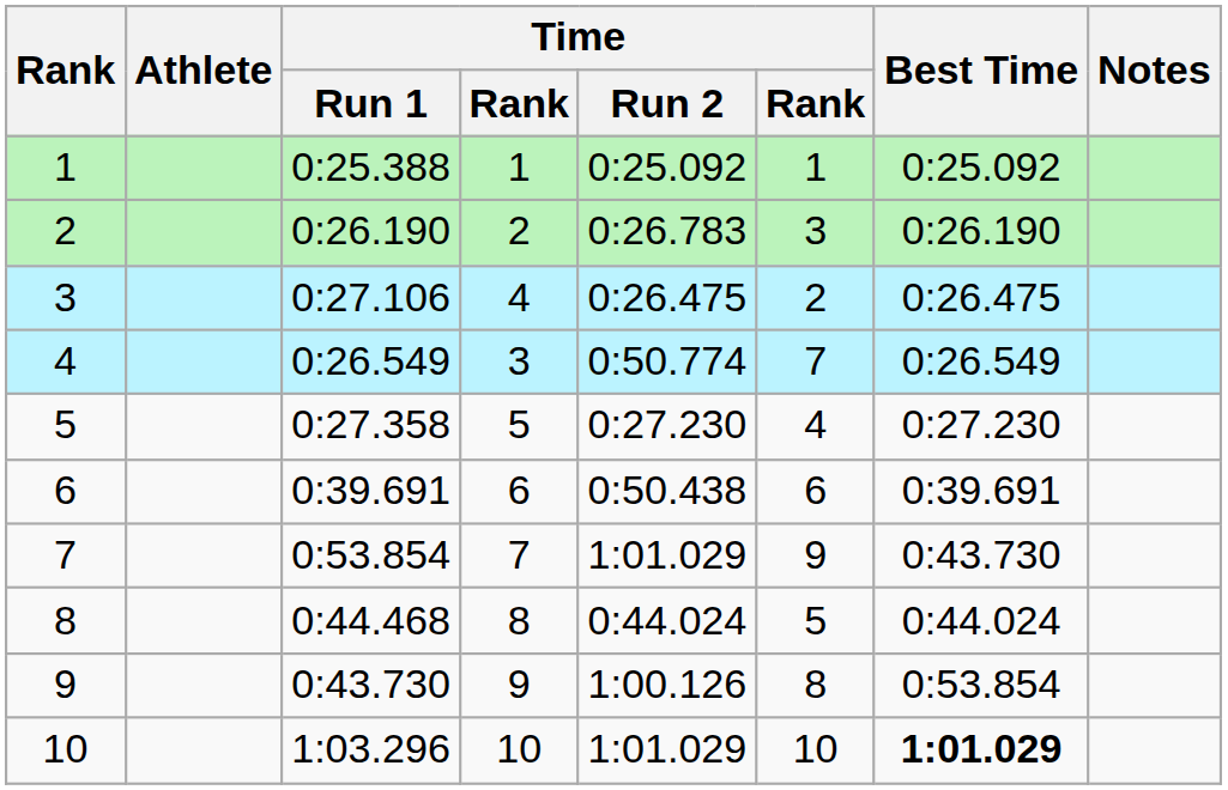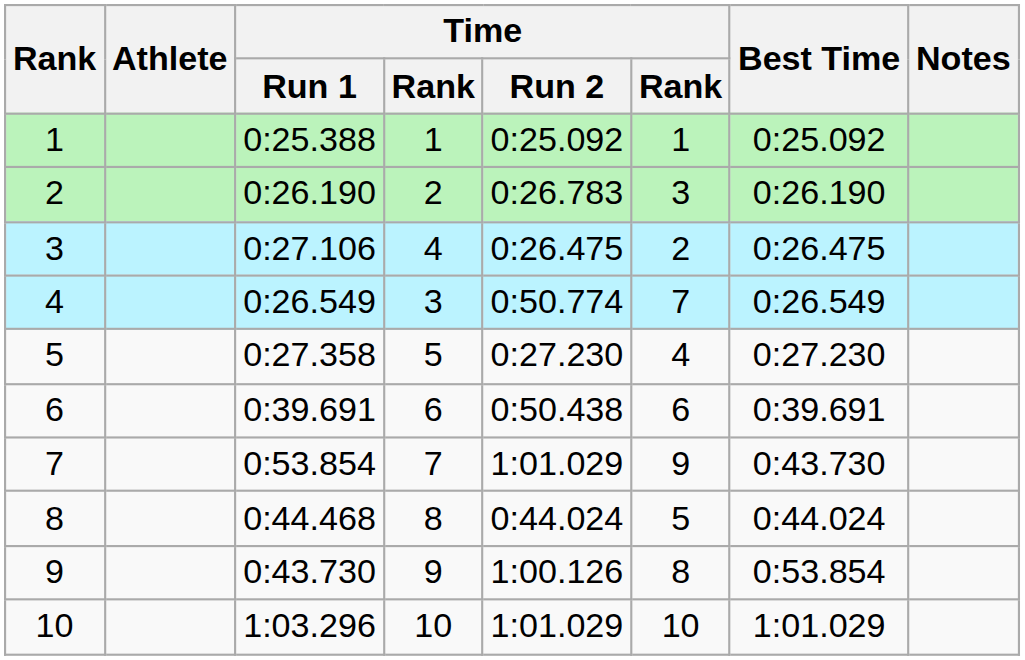 <table class="wikitable sortable" style="text-align:center">
 <tr>
 <th rowspan="2">Rank</th>
 <th rowspan="2">Athlete</th>
 <th colspan="4">Time</th>
 <th rowspan="2">Best Time</th>
 <th rowspan="2">Notes</th>
 </tr>
 <tr>
 <th>Run 1</th>
 <th>Rank</th>
 <th>Run 2</th>
 <th>Rank</th>
 </tr>
 <tr bgcolor=bbf3bb>
 <td>1</td>
 <td align="left"></td>
 <td>0:25.388</td>
 <td>1</td>
 <td>0:25.092</td>
 <td>1</td>
 <td>0:25.092</td>
 <td></td>
 </tr>
 <tr bgcolor=bbf3bb>
 <td>2</td>
 <td align="left"></td>
 <td>0:26.190</td>
 <td>2</td>
 <td>0:26.783</td>
 <td>3</td>
 <td>0:26.190</td>
 <td></td>
 </tr>
 <tr bgcolor=BBF3FF>
 <td>3</td>
 <td align="left"></td>
 <td>0:27.106</td>
 <td>4</td>
 <td>0:26.475</td>
 <td>2</td>
 <td>0:26.475</td>
 <td></td>
 </tr>
 <tr bgcolor=BBF3FF>
 <td>4</td>
 <td align="left"></td>
 <td>0:26.549</td>
 <td>3</td>
 <td>0:50.774</td>
 <td>7</td>
 <td>0:26.549</td>
 <td></td>
 </tr>
 <tr>
 <td>5</td>
 <td align="left"></td>
 <td>0:27.358</td>
 <td>5</td>
 <td>0:27.230</td>
 <td>4</td>
 <td>0:27.230</td>
 <td></td>
 </tr>
 <tr>
 <td>6</td>
 <td align="left"></td>
 <td>0:39.691</td>
 <td>6</td>
 <td>0:50.438</td>
 <td>6</td>
 <td>0:39.691</td>
 <td></td>
 </tr>
 <tr>
 <td>7</td>
 <td align="left"></td>
 <td>0:53.854</td>
 <td>7</td>
 <td>1:01.029</td>
 <td>9</td>
 <td>0:43.730</td>
 <td></td>
 </tr>
 <tr>
 <td>8</td>
 <td align="left"></td>
 <td>0:44.468</td>
 <td>8</td>
 <td>0:44.024</td>
 <td>5</td>
 <td>0:44.024</td>
 <td></td>
 </tr>
 <tr>
 <td>9</td>
 <td align="left"></td>
 <td>0:43.730</td>
 <td>9</td>
 <td>1:00.126</td>
 <td>8</td>
 <td>0:53.854</td>
 <td></td>
 </tr>
 <tr>
 <td>10</td>
 <td align="left"></td>
 <td>1:03.296</td>
 <td>10</td>
 <td>1:01.029</td>
 <td>10</td>
-<td><strong>1:01.029</strong></td>
+<td>1:01.029</td>
 <td></td>
 </tr>
 </table>
